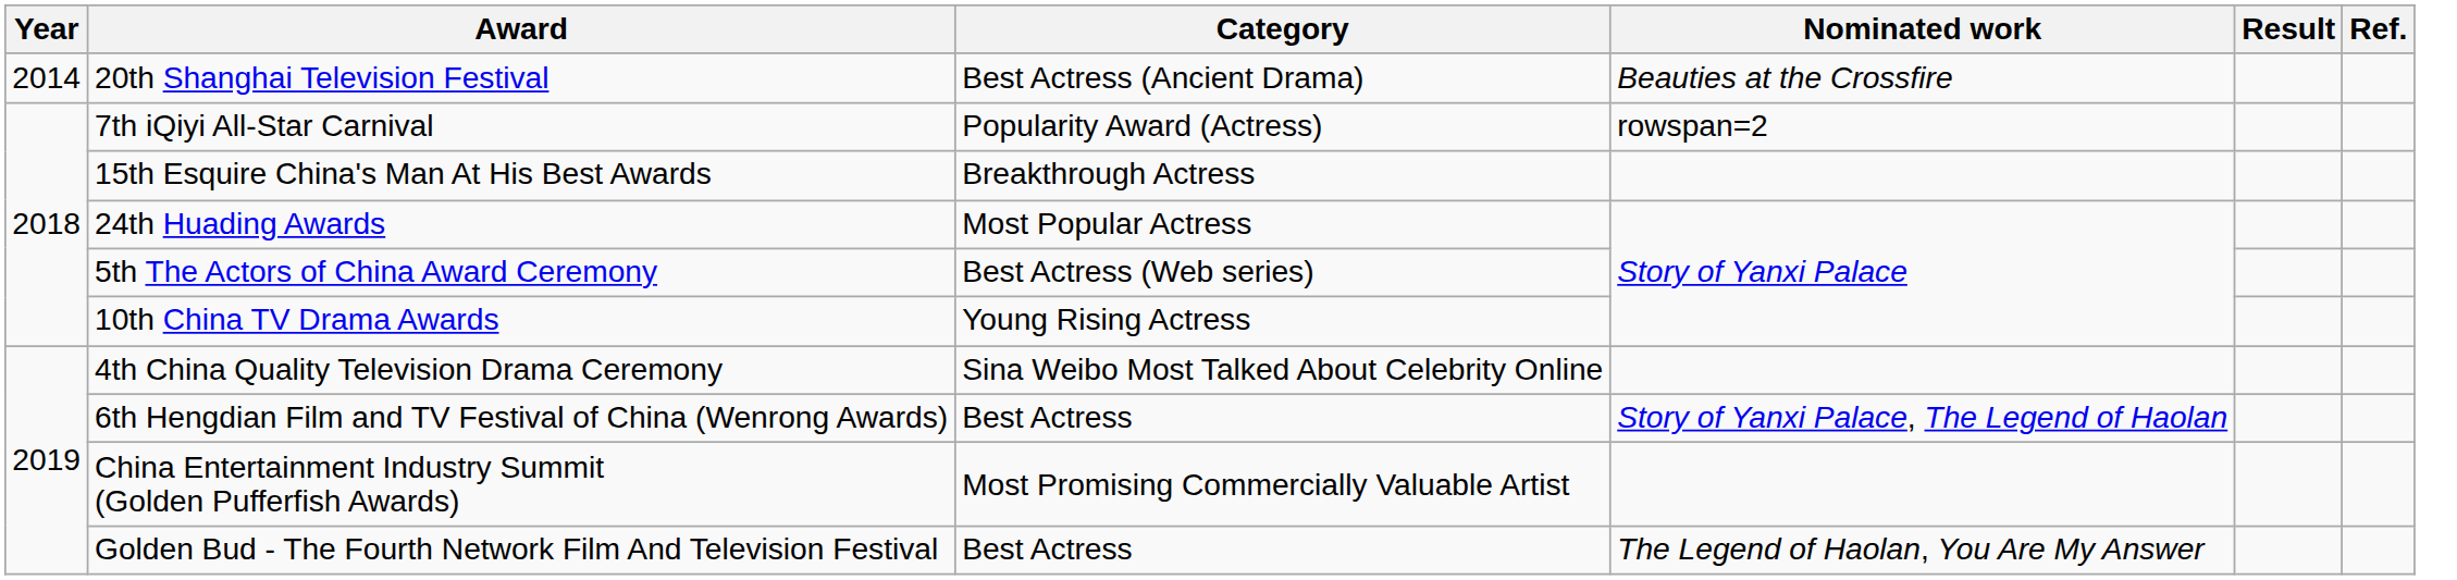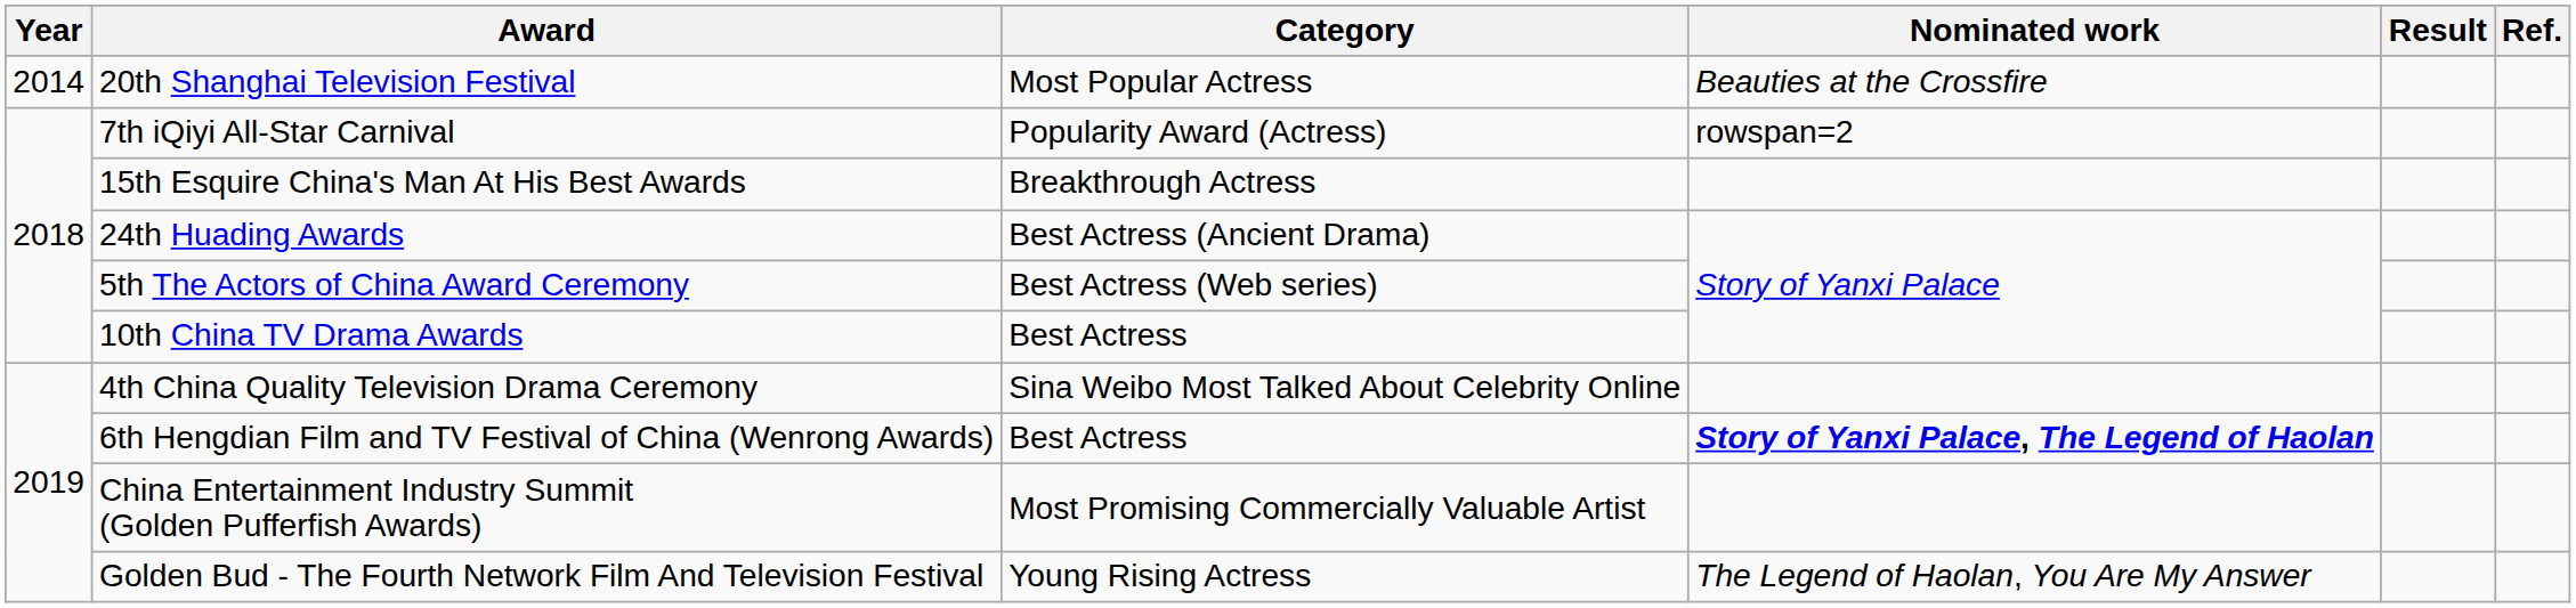 <table class="wikitable">
 <tr>
 <th>Year</th>
 <th>Award</th>
 <th>Category</th>
 <th>Nominated work</th>
 <th>Result</th>
 <th>Ref.</th>
 </tr>
 <tr>
 <td>2014</td>
 <td>20th <a href='#'>Shanghai Television Festival</a></td>
-<td>Best Actress (Ancient Drama)</td>
+<td>Most Popular Actress</td>
 <td><em>Beauties at the Crossfire</em></td>
 <td></td>
 <td></td>
 </tr>
 <tr>
 <td rowspan=5>2018</td>
 <td>7th iQiyi All-Star Carnival</td>
 <td>Popularity Award (Actress)</td>
 <td>rowspan=2 </td>
 <td></td>
 <td></td>
 </tr>
 <tr>
 <td>15th Esquire China's Man At His Best Awards</td>
 <td>Breakthrough Actress</td>
 <td></td>
 <td></td>
 </tr>
 <tr>
 <td>24th <a href='#'>Huading Awards</a></td>
-<td>Most Popular Actress</td>
+<td>Best Actress (Ancient Drama)</td>
 <td rowspan=3><em><a href='#'>Story of Yanxi Palace</a></em></td>
 <td></td>
 <td></td>
 </tr>
 <tr>
 <td>5th <a href='#'>The Actors of China Award Ceremony</a></td>
 <td>Best Actress (Web series)</td>
 <td></td>
 <td></td>
 </tr>
 <tr>
 <td>10th <a href='#'>China TV Drama Awards</a></td>
-<td>Young Rising Actress</td>
+<td>Best Actress</td>
 <td></td>
 <td></td>
 </tr>
 <tr>
 <td rowspan=4>2019</td>
 <td>4th China Quality Television Drama Ceremony</td>
 <td>Sina Weibo Most Talked About Celebrity Online</td>
 <td></td>
 <td></td>
 <td></td>
 </tr>
 <tr>
 <td>6th Hengdian Film and TV Festival of China (Wenrong Awards)</td>
 <td>Best Actress</td>
-<td><em><a href='#'>Story of Yanxi Palace</a></em>, <em><a href='#'>The Legend of Haolan</a></em></td>
+<td><strong><em><a href='#'>Story of Yanxi Palace</a></em>, <em><a href='#'>The Legend of Haolan</a></em></strong></td>
 <td></td>
 <td></td>
 </tr>
 <tr>
 <td>China Entertainment Industry Summit <br> (Golden Pufferfish Awards)</td>
 <td>Most Promising Commercially Valuable Artist</td>
 <td></td>
 <td></td>
 <td></td>
 </tr>
 <tr>
 <td>Golden Bud - The Fourth Network Film And Television Festival</td>
-<td>Best Actress</td>
+<td>Young Rising Actress</td>
 <td><em>The Legend of Haolan</em>, <em>You Are My Answer</em></td>
 <td></td>
 <td></td>
 </tr>
 </table>
